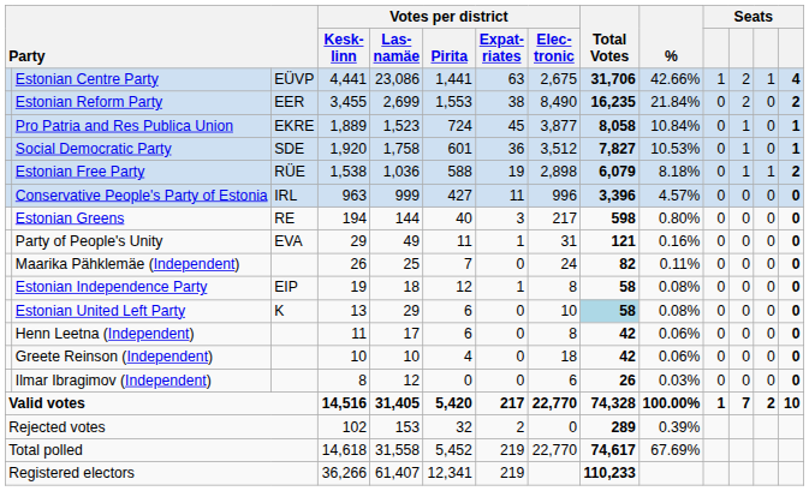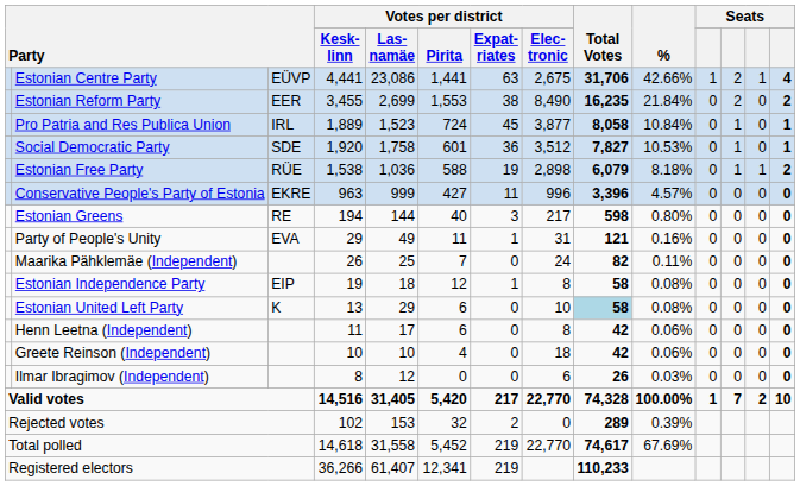 <table class="wikitable" border="1" style="text-align:right;">
 <tr>
 <th style="text-align:left;" valign=bottom rowspan=2 colspan=3>Party</th>
 <th colspan=5>Votes per district</th>
 <th align=center valign=bottom rowspan=2 width="50">Total Votes</th>
 <th align=center valign=bottom rowspan=2 width="50">%</th>
 <th colspan=4>Seats</th>
 </tr>
 <tr>
 <th align=center valign=bottom width="50"><a href='#'>Kesk- linn</a></th>
 <th align=center valign=bottom width="50"><a href='#'>Las- namäe</a></th>
 <th align=center valign=bottom width="50"><a href='#'>Pirita</a></th>
 <th align=center valign=bottom width="50"><a href='#'>Expat- riates</a></th>
 <th align=center valign=bottom width="50"><a href='#'>Elec- tronic</a></th>
 <th align=center valign=bottom width="20"><small></small></th>
 <th align=center valign=bottom width="20"><small></small></th>
 <th align=center valign=bottom width="20"><small></small></th>
 <th align=center valign=bottom width="20"><small></small></th>
 </tr>
 <tr style="background:#CEE0F2;">
 <td style="background:"></td>
 <td align=left><a href='#'>Estonian Centre Party</a></td>
 <td align=left>EÜVP</td>
 <td>4,441</td>
 <td>23,086</td>
 <td>1,441</td>
 <td>63</td>
 <td>2,675</td>
 <td><strong>31,706</strong></td>
 <td>42.66%</td>
 <td>1</td>
 <td>2</td>
 <td>1</td>
 <td><strong>4</strong></td>
 </tr>
 <tr style="background:#CEE0F2;">
 <td style="background:"></td>
 <td align=left><a href='#'>Estonian Reform Party</a></td>
 <td align=left>EER</td>
 <td>3,455</td>
 <td>2,699</td>
 <td>1,553</td>
 <td>38</td>
 <td>8,490</td>
 <td><strong>16,235</strong></td>
 <td>21.84%</td>
 <td>0</td>
 <td>2</td>
 <td>0</td>
 <td><strong>2</strong></td>
 </tr>
 <tr style="background:#CEE0F2;">
 <td style="background:"></td>
 <td align=left><a href='#'>Pro Patria and Res Publica Union</a></td>
-<td align=left>EKRE</td>
+<td align=left>IRL</td>
 <td>1,889</td>
 <td>1,523</td>
 <td>724</td>
 <td>45</td>
 <td>3,877</td>
 <td><strong>8,058</strong></td>
 <td>10.84%</td>
 <td>0</td>
 <td>1</td>
 <td>0</td>
 <td><strong>1</strong></td>
 </tr>
 <tr style="background:#CEE0F2;">
 <td style="background:"></td>
 <td align=left><a href='#'>Social Democratic Party</a></td>
 <td align=left>SDE</td>
 <td>1,920</td>
 <td>1,758</td>
 <td>601</td>
 <td>36</td>
 <td>3,512</td>
 <td><strong>7,827</strong></td>
 <td>10.53%</td>
 <td>0</td>
 <td>1</td>
 <td>0</td>
 <td><strong>1</strong></td>
 </tr>
 <tr style="background:#CEE0F2;">
 <td style="background:"></td>
 <td align=left><a href='#'>Estonian Free Party</a></td>
 <td align=left>RÜE</td>
 <td>1,538</td>
 <td>1,036</td>
 <td>588</td>
 <td>19</td>
 <td>2,898</td>
 <td><strong>6,079</strong></td>
 <td>8.18%</td>
 <td>0</td>
 <td>1</td>
 <td>1</td>
 <td><strong>2</strong></td>
 </tr>
 <tr style="background:#CEE0F2;">
 <td style="background:"></td>
 <td align=left><a href='#'>Conservative People's Party of Estonia</a></td>
-<td align=left>IRL</td>
+<td align=left>EKRE</td>
 <td>963</td>
 <td>999</td>
 <td>427</td>
 <td>11</td>
 <td>996</td>
 <td><strong>3,396</strong></td>
 <td>4.57%</td>
 <td>0</td>
 <td>0</td>
 <td>0</td>
 <td><strong>0</strong></td>
 </tr>
 <tr>
 <td style="background:"></td>
 <td align=left><a href='#'>Estonian Greens</a></td>
 <td align=left>RE</td>
 <td>194</td>
 <td>144</td>
 <td>40</td>
 <td>3</td>
 <td>217</td>
 <td><strong>598</strong></td>
 <td>0.80%</td>
 <td>0</td>
 <td>0</td>
 <td>0</td>
 <td><strong>0</strong></td>
 </tr>
 <tr>
 <td></td>
 <td align=left>Party of People's Unity</td>
 <td align=left>EVA</td>
 <td>29</td>
 <td>49</td>
 <td>11</td>
 <td>1</td>
 <td>31</td>
 <td><strong>121</strong></td>
 <td>0.16%</td>
 <td>0</td>
 <td>0</td>
 <td>0</td>
 <td><strong>0</strong></td>
 </tr>
 <tr>
 <td style="background:"></td>
 <td align=left>Maarika Pähklemäe (<a href='#'>Independent</a>)</td>
 <td></td>
 <td>26</td>
 <td>25</td>
 <td>7</td>
 <td>0</td>
 <td>24</td>
 <td><strong>82</strong></td>
 <td>0.11%</td>
 <td>0</td>
 <td>0</td>
 <td>0</td>
 <td><strong>0</strong></td>
 </tr>
 <tr>
 <td style="background:"></td>
 <td align=left><a href='#'>Estonian Independence Party</a></td>
 <td align=left>EIP</td>
 <td>19</td>
 <td>18</td>
 <td>12</td>
 <td>1</td>
 <td>8</td>
 <td><strong>58</strong></td>
 <td>0.08%</td>
 <td>0</td>
 <td>0</td>
 <td>0</td>
 <td><strong>0</strong></td>
 </tr>
 <tr>
 <td style="background:"></td>
 <td align=left><a href='#'>Estonian United Left Party</a></td>
 <td align=left>K</td>
 <td>13</td>
 <td>29</td>
 <td>6</td>
 <td>0</td>
 <td>10</td>
 <td style="background: lightblue;"><strong>58</strong></td>
 <td>0.08%</td>
 <td>0</td>
 <td>0</td>
 <td>0</td>
 <td><strong>0</strong></td>
 </tr>
 <tr>
 <td style="background:"></td>
 <td align=left>Henn Leetna (<a href='#'>Independent</a>)</td>
 <td></td>
 <td>11</td>
 <td>17</td>
 <td>6</td>
 <td>0</td>
 <td>8</td>
 <td><strong>42</strong></td>
 <td>0.06%</td>
 <td>0</td>
 <td>0</td>
 <td>0</td>
 <td><strong>0</strong></td>
 </tr>
 <tr>
 <td style="background:"></td>
 <td align=left>Greete Reinson (<a href='#'>Independent</a>)</td>
 <td></td>
 <td>10</td>
 <td>10</td>
 <td>4</td>
 <td>0</td>
 <td>18</td>
 <td><strong>42</strong></td>
 <td>0.06%</td>
 <td>0</td>
 <td>0</td>
 <td>0</td>
 <td><strong>0</strong></td>
 </tr>
 <tr>
 <td style="background:"></td>
 <td align=left>Ilmar Ibragimov (<a href='#'>Independent</a>)</td>
 <td></td>
 <td>8</td>
 <td>12</td>
 <td>0</td>
 <td>0</td>
 <td>6</td>
 <td><strong>26</strong></td>
 <td>0.03%</td>
 <td>0</td>
 <td>0</td>
 <td>0</td>
 <td><strong>0</strong></td>
 </tr>
 <tr style="font-weight:bold">
 <td align=left colspan=3>Valid votes</td>
 <td>14,516</td>
 <td>31,405</td>
 <td>5,420</td>
 <td>217</td>
 <td>22,770</td>
 <td>74,328</td>
 <td>100.00%</td>
 <td>1</td>
 <td>7</td>
 <td>2</td>
 <td>10</td>
 </tr>
 <tr>
 <td align=left colspan=3>Rejected votes</td>
 <td>102</td>
 <td>153</td>
 <td>32</td>
 <td>2</td>
 <td>0</td>
 <td><strong>289</strong></td>
 <td>0.39%</td>
 <td></td>
 <td></td>
 <td></td>
 <td></td>
 </tr>
 <tr>
 <td align=left colspan=3>Total polled</td>
 <td>14,618</td>
 <td>31,558</td>
 <td>5,452</td>
 <td>219</td>
 <td>22,770</td>
 <td><strong>74,617</strong></td>
 <td>67.69%</td>
 <td></td>
 <td></td>
 <td></td>
 <td></td>
 </tr>
 <tr>
 <td align=left colspan=3>Registered electors</td>
 <td>36,266</td>
 <td>61,407</td>
 <td>12,341</td>
 <td>219</td>
 <td></td>
 <td><strong>110,233</strong></td>
 <td></td>
 <td></td>
 <td></td>
 <td></td>
 <td></td>
 </tr>
 </table>
